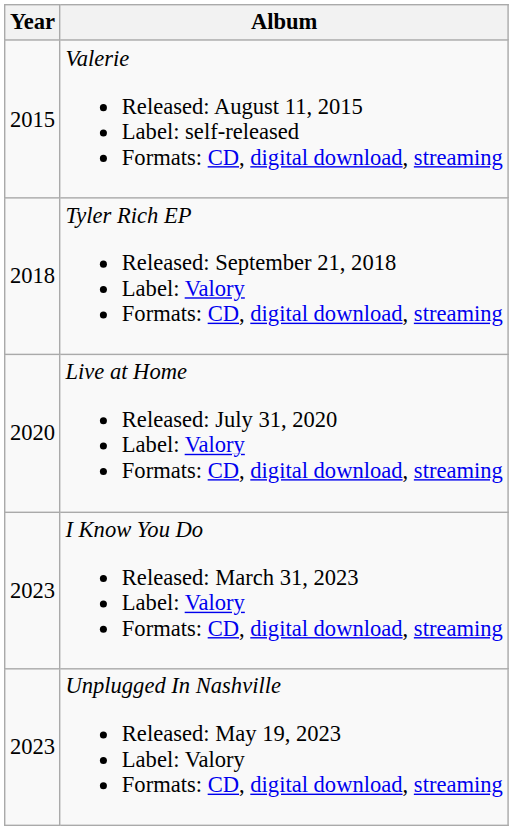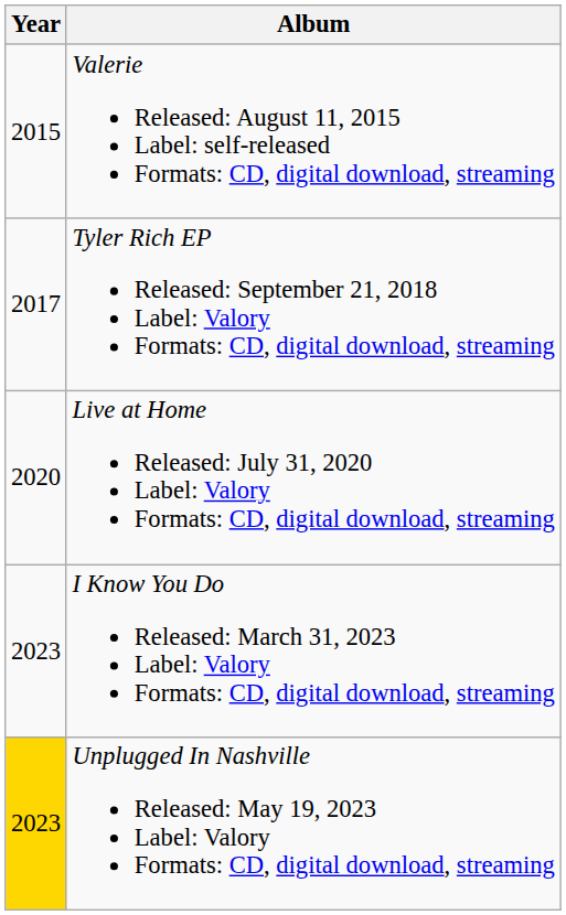 <table class="wikitable">
 <tr>
 <th>Year</th>
 <th>Album</th>
 </tr>
 <tr>
 <td>2015</td>
 <td><em>Valerie</em><br><ul><li>Released: August 11, 2015</li><li>Label: self-released</li><li>Formats: <a href='#'>CD</a>, <a href='#'>digital download</a>, <a href='#'>streaming</a></li></ul></td>
 </tr>
 <tr>
-<td>2018</td>
+<td>2017</td>
 <td><em>Tyler Rich EP</em><br><ul><li>Released: September 21, 2018</li><li>Label: <a href='#'>Valory</a></li><li>Formats: <a href='#'>CD</a>, <a href='#'>digital download</a>, <a href='#'>streaming</a></li></ul></td>
 </tr>
 <tr>
 <td>2020</td>
 <td><em>Live at Home</em><br><ul><li>Released: July 31, 2020</li><li>Label: <a href='#'>Valory</a></li><li>Formats: <a href='#'>CD</a>, <a href='#'>digital download</a>, <a href='#'>streaming</a></li></ul></td>
 </tr>
 <tr>
 <td>2023</td>
 <td><em>I Know You Do</em><br><ul><li>Released: March 31, 2023</li><li>Label: <a href='#'>Valory</a></li><li>Formats: <a href='#'>CD</a>, <a href='#'>digital download</a>, <a href='#'>streaming</a></li></ul></td>
 </tr>
 <tr>
-<td>2023</td>
+<td style="background: gold;">2023</td>
 <td><em>Unplugged In Nashville</em><br><ul><li>Released: May 19, 2023</li><li>Label: Valory</li><li>Formats: <a href='#'>CD</a>, <a href='#'>digital download</a>, <a href='#'>streaming</a></li></ul></td>
 </tr>
 </table>
